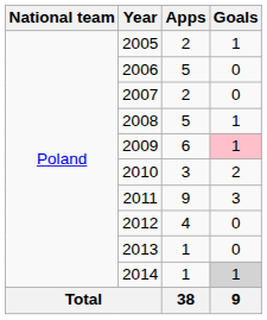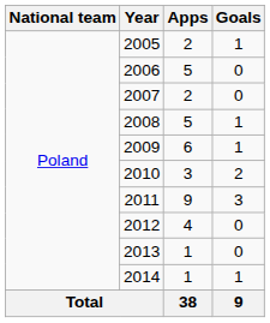 <table class="wikitable" style="text-align:center">
 <tr>
 <th>National team</th>
 <th>Year</th>
 <th>Apps</th>
 <th>Goals</th>
 </tr>
 <tr>
 <td rowspan="10"><a href='#'>Poland</a></td>
 <td>2005</td>
 <td>2</td>
 <td>1</td>
 </tr>
 <tr>
 <td>2006</td>
 <td>5</td>
 <td>0</td>
 </tr>
 <tr>
 <td>2007</td>
 <td>2</td>
 <td>0</td>
 </tr>
 <tr>
 <td>2008</td>
 <td>5</td>
 <td>1</td>
 </tr>
 <tr>
 <td>2009</td>
 <td>6</td>
-<td style="background: pink;">1</td>
+<td>1</td>
 </tr>
 <tr>
 <td>2010</td>
 <td>3</td>
 <td>2</td>
 </tr>
 <tr>
 <td>2011</td>
 <td>9</td>
 <td>3</td>
 </tr>
 <tr>
 <td>2012</td>
 <td>4</td>
 <td>0</td>
 </tr>
 <tr>
 <td>2013</td>
 <td>1</td>
 <td>0</td>
 </tr>
 <tr>
 <td>2014</td>
 <td>1</td>
-<td style="background: lightgrey;">1</td>
+<td>1</td>
 </tr>
 <tr>
 <th colspan="2">Total</th>
 <th>38</th>
 <th>9</th>
 </tr>
 </table>
